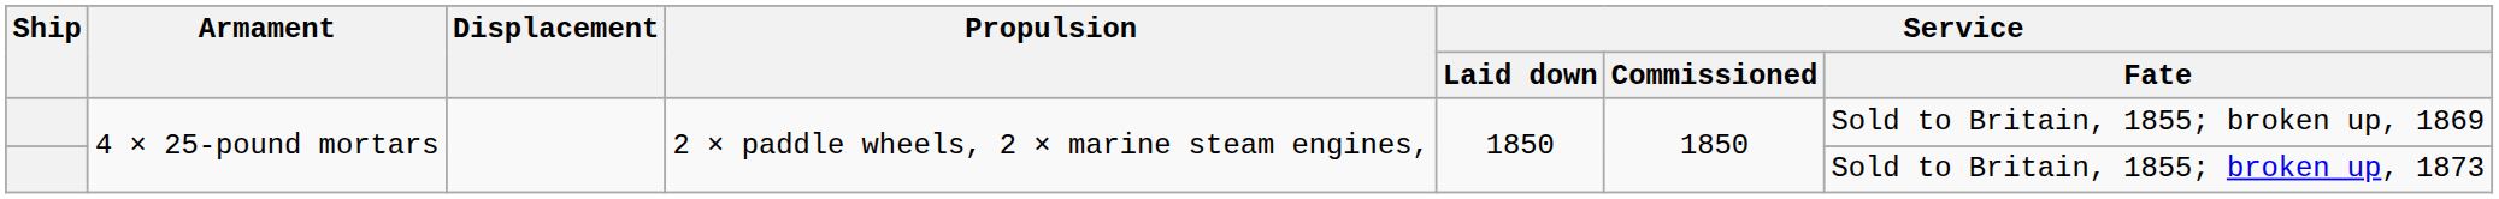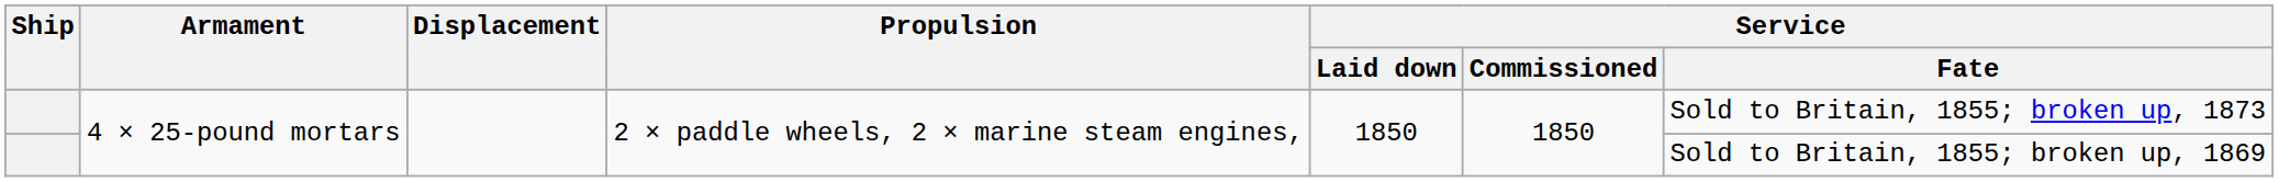 <table class="wikitable plainrowheaders" style="text-align: center;">
 <tr valign="top">
 <th scope="col" rowspan="2">Ship</th>
 <th scope="col" rowspan="2">Armament</th>
 <th scope="col" rowspan="2">Displacement</th>
 <th scope="col" rowspan="2">Propulsion</th>
 <th scope="col" colspan="3">Service</th>
 </tr>
 <tr valign="top">
 <th scope="col">Laid down</th>
 <th scope="col">Commissioned</th>
 <th scope="col">Fate</th>
 </tr>
 <tr valign="center">
 <th scope="row"></th>
 <td rowspan="2">4 × 25-pound mortars</td>
 <td rowspan="2"></td>
 <td rowspan="2">2 × paddle wheels, 2 × marine steam engines, </td>
 <td rowspan="2">1850</td>
 <td rowspan="2">1850</td>
-<td>Sold to Britain, 1855; broken up, 1869</td>
+<td>Sold to Britain, 1855; <a href='#'>broken up</a>, 1873</td>
 </tr>
 <tr valign="center">
 <th scope="row"></th>
-<td>Sold to Britain, 1855; <a href='#'>broken up</a>, 1873</td>
+<td>Sold to Britain, 1855; broken up, 1869</td>
 </tr>
 </table>
